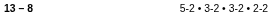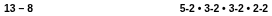 <table>
 <tr>
 <th width=200></th>
 <th width=80></th>
 <th width=200></th>
 <th width=220></th>
 </tr>
 <tr>
 <td align=right><strong></strong></td>
 <td align=center><strong>13 – 8</strong></td>
 <td></td>
-<td>5-2 • 3-2 • 3-2 • 2-2</td>
+<td><strong>5-2 • 3-2 • 3-2 • 2-2</strong></td>
 </tr>
 </table>
